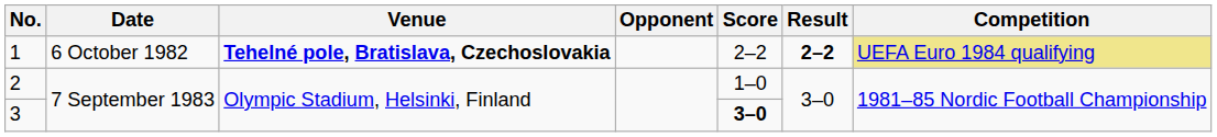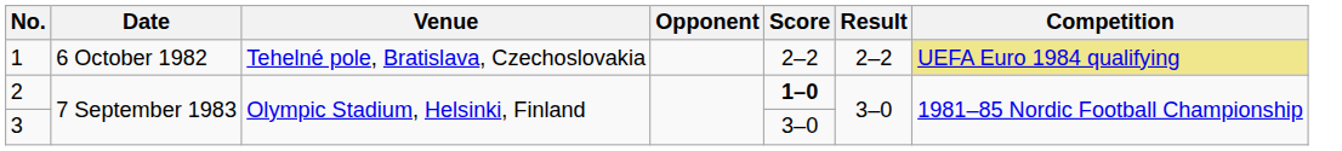 <table class="wikitable plainrowheaders">
 <tr>
 <th>No.</th>
 <th>Date</th>
 <th>Venue</th>
 <th>Opponent</th>
 <th>Score</th>
 <th>Result</th>
 <th>Competition</th>
 </tr>
 <tr>
 <td>1</td>
 <td>6 October 1982</td>
-<td><strong><a href='#'>Tehelné pole</a>, <a href='#'>Bratislava</a>, Czechoslovakia</strong></td>
+<td><a href='#'>Tehelné pole</a>, <a href='#'>Bratislava</a>, Czechoslovakia</td>
 <td></td>
 <td align=center>2–2</td>
-<td align="center"><strong>2–2</strong></td>
+<td align="center">2–2</td>
 <td style="background: khaki;"><a href='#'>UEFA Euro 1984 qualifying</a></td>
 </tr>
 <tr>
 <td>2</td>
 <td rowspan=2>7 September 1983</td>
 <td rowspan=2><a href='#'>Olympic Stadium</a>, <a href='#'>Helsinki</a>, Finland</td>
 <td rowspan=2></td>
-<td align=center>1–0</td>
+<td align=center><strong>1–0</strong></td>
 <td rowspan="2" align="center">3–0</td>
 <td rowspan=2><a href='#'>1981–85 Nordic Football Championship</a></td>
 </tr>
 <tr>
 <td>3</td>
-<td align=center><strong>3–0</strong></td>
+<td align=center>3–0</td>
 </tr>
 </table>
